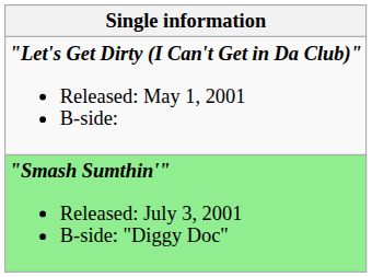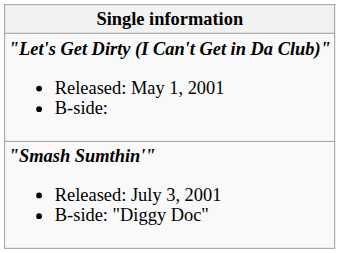 <table class="wikitable">
 <tr>
 <th>Single information</th>
 </tr>
 <tr>
 <td><strong><em>"Let's Get Dirty (I Can't Get in Da Club)"</em></strong><br><ul><li>Released: May 1, 2001</li><li>B-side:</li></ul></td>
 </tr>
 <tr>
-<td style="background: lightgreen;"><strong><em>"Smash Sumthin'"</em></strong><br><ul><li>Released: July 3, 2001</li><li>B-side: "Diggy Doc"</li></ul></td>
+<td><strong><em>"Smash Sumthin'"</em></strong><br><ul><li>Released: July 3, 2001</li><li>B-side: "Diggy Doc"</li></ul></td>
 </tr>
 </table>
